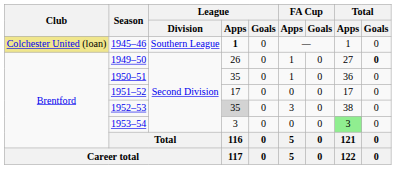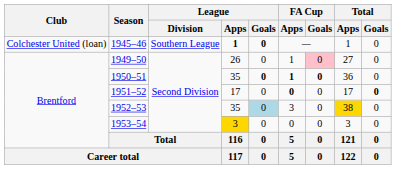 <table class="wikitable" style="text-align: center;">
 <tr>
 <th rowspan="2">Club</th>
 <th rowspan="2">Season</th>
 <th colspan="3">League</th>
 <th colspan="2">FA Cup</th>
 <th colspan="2">Total</th>
 </tr>
 <tr>
 <th>Division</th>
 <th>Apps</th>
 <th>Goals</th>
 <th>Apps</th>
 <th>Goals</th>
 <th>Apps</th>
 <th>Goals</th>
 </tr>
 <tr>
-<td style="background: khaki;"><a href='#'>Colchester United</a> (loan)</td>
+<td><a href='#'>Colchester United</a> (loan)</td>
 <td><a href='#'>1945–46</a></td>
 <td><a href='#'>Southern League</a></td>
 <td><strong>1</strong></td>
-<td>0</td>
+<td><strong>0</strong></td>
 <td colspan="2"><em>—</em></td>
 <td>1</td>
 <td>0</td>
 </tr>
 <tr>
 <td rowspan="6"><a href='#'>Brentford</a></td>
 <td><a href='#'>1949–50</a></td>
 <td rowspan="5"><a href='#'>Second Division</a></td>
 <td>26</td>
 <td>0</td>
 <td>1</td>
+<td style="background: pink;">0</td>
+<td>27</td>
 <td>0</td>
-<td>27</td>
-<td><strong>0</strong></td>
 </tr>
 <tr>
 <td><a href='#'>1950–51</a></td>
 <td>35</td>
-<td>0</td>
-<td>1</td>
-<td>0</td>
+<td><strong>0</strong></td>
+<td><strong>1</strong></td>
+<td><strong>0</strong></td>
 <td>36</td>
 <td>0</td>
 </tr>
 <tr>
 <td><a href='#'>1951–52</a></td>
 <td>17</td>
 <td>0</td>
-<td>0</td>
+<td><strong>0</strong></td>
 <td>0</td>
 <td>17</td>
-<td>0</td>
+<td><strong>0</strong></td>
 </tr>
 <tr>
 <td><a href='#'>1952–53</a></td>
-<td style="background: lightgrey;">35</td>
-<td>0</td>
+<td>35</td>
+<td style="background: lightblue;">0</td>
 <td>3</td>
 <td>0</td>
-<td>38</td>
+<td style="background: gold;">38</td>
 <td>0</td>
 </tr>
 <tr>
 <td><a href='#'>1953–54</a></td>
-<td>3</td>
+<td style="background: gold;">3</td>
 <td>0</td>
 <td>0</td>
 <td>0</td>
-<td style="background: lightgreen;">3</td>
+<td>3</td>
 <td>0</td>
 </tr>
 <tr>
 <th colspan="2">Total</th>
 <th>116</th>
 <th>0</th>
 <th>5</th>
 <th>0</th>
 <th>121</th>
 <th>0</th>
 </tr>
 <tr>
 <th colspan="3">Career total</th>
 <th>117</th>
 <th>0</th>
 <th>5</th>
 <th>0</th>
 <th>122</th>
 <th>0</th>
 </tr>
 </table>
